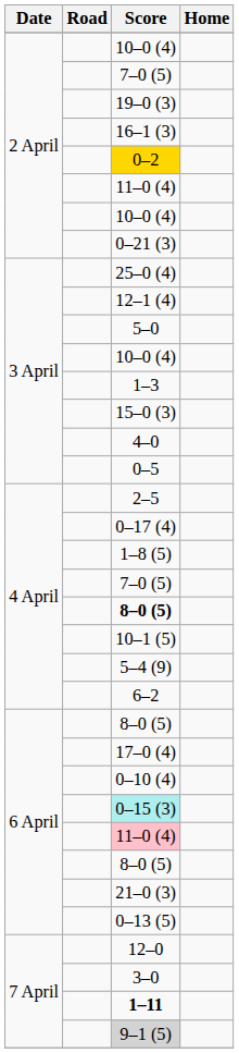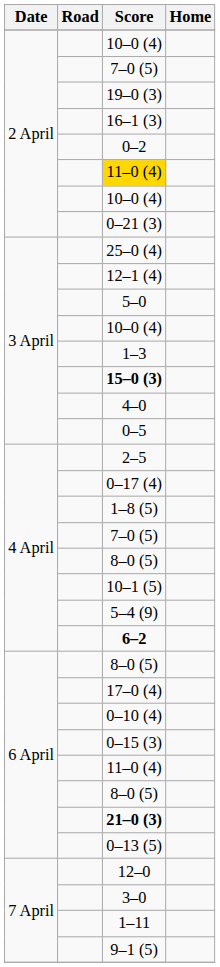 <table class="wikitable">
 <tr>
 <th>Date</th>
 <th>Road</th>
 <th>Score</th>
 <th>Home</th>
 </tr>
 <tr>
 </tr>
 <tr>
 <td rowspan=8>2 April</td>
 <td align=right><strong></strong></td>
 <td align=center>10–0 (4)</td>
 <td></td>
 </tr>
 <tr>
 <td align=right><strong></strong></td>
 <td align=center>7–0 (5)</td>
 <td></td>
 </tr>
 <tr>
 <td align=right><strong></strong></td>
 <td align=center>19–0 (3)</td>
 <td></td>
 </tr>
 <tr>
 <td align=right><strong></strong></td>
 <td align=center>16–1 (3)</td>
 <td></td>
 </tr>
 <tr>
 <td align=right></td>
-<td align=center style="background: gold;">0–2</td>
+<td align=center>0–2</td>
 <td><strong></strong></td>
 </tr>
 <tr>
 <td align=right><strong></strong></td>
-<td align=center>11–0 (4)</td>
+<td align=center style="background: gold;">11–0 (4)</td>
 <td></td>
 </tr>
 <tr>
 <td align=right><strong></strong></td>
 <td align=center>10–0 (4)</td>
 <td></td>
 </tr>
 <tr>
 <td align=right></td>
 <td align=center>0–21 (3)</td>
 <td><strong></strong></td>
 </tr>
 <tr>
 <td rowspan=8>3 April</td>
 <td align=right><strong></strong></td>
 <td align=center>25–0 (4)</td>
 <td></td>
 </tr>
 <tr>
 <td align=right><strong></strong></td>
 <td align=center>12–1 (4)</td>
 <td></td>
 </tr>
 <tr>
 <td align=right><strong></strong></td>
 <td align=center>5–0</td>
 <td></td>
 </tr>
 <tr>
 <td align=right><strong></strong></td>
 <td align=center>10–0 (4)</td>
 <td></td>
 </tr>
 <tr>
 <td align=right></td>
 <td align=center>1–3</td>
 <td><strong></strong></td>
 </tr>
 <tr>
 <td align=right><strong></strong></td>
-<td align=center>15–0 (3)</td>
+<td align=center><strong>15–0 (3)</strong></td>
 <td></td>
 </tr>
 <tr>
 <td align=right><strong></strong></td>
 <td align=center>4–0</td>
 <td></td>
 </tr>
 <tr>
 <td align=right></td>
 <td align=center>0–5</td>
 <td><strong></strong></td>
 </tr>
 <tr>
 <td rowspan=8>4 April</td>
 <td align=right></td>
 <td align=center>2–5</td>
 <td><strong></strong></td>
 </tr>
 <tr>
 <td align=right></td>
 <td align=center>0–17 (4)</td>
 <td><strong></strong></td>
 </tr>
 <tr>
 <td align=right></td>
 <td align=center>1–8 (5)</td>
 <td><strong></strong></td>
 </tr>
 <tr>
 <td align=right><strong></strong></td>
 <td align=center>7–0 (5)</td>
 <td></td>
 </tr>
 <tr>
 <td align=right><strong></strong></td>
-<td align=center><strong>8–0 (5)</strong></td>
+<td align=center>8–0 (5)</td>
 <td></td>
 </tr>
 <tr>
 <td align=right><strong></strong></td>
 <td align=center>10–1 (5)</td>
 <td></td>
 </tr>
 <tr>
 <td align=right><strong></strong></td>
 <td align=center>5–4 (9)</td>
 <td></td>
 </tr>
 <tr>
 <td align=right><strong></strong></td>
-<td align=center>6–2</td>
+<td align=center><strong>6–2</strong></td>
 <td></td>
 </tr>
 <tr>
 <td rowspan=8>6 April</td>
 <td align=right><strong></strong></td>
 <td align=center>8–0 (5)</td>
 <td></td>
 </tr>
 <tr>
 <td align=right><strong></strong></td>
 <td align=center>17–0 (4)</td>
 <td></td>
 </tr>
 <tr>
 <td align=right></td>
 <td align=center>0–10 (4)</td>
 <td><strong></strong></td>
 </tr>
 <tr>
 <td align=right></td>
-<td align=center style="background: paleturquoise;">0–15 (3)</td>
+<td align=center>0–15 (3)</td>
 <td><strong></strong></td>
 </tr>
 <tr>
 <td align=right><strong></strong></td>
-<td align=center style="background: pink;">11–0 (4)</td>
+<td align=center>11–0 (4)</td>
 <td></td>
 </tr>
 <tr>
 <td align=right><strong></strong></td>
 <td align=center>8–0 (5)</td>
 <td></td>
 </tr>
 <tr>
 <td align=right><strong></strong></td>
-<td align=center>21–0 (3)</td>
+<td align=center><strong>21–0 (3)</strong></td>
 <td></td>
 </tr>
 <tr>
 <td align=right></td>
 <td align=center>0–13 (5)</td>
 <td><strong></strong></td>
 </tr>
 <tr>
 <td rowspan=4>7 April</td>
 <td align=right><strong></strong></td>
 <td align=center>12–0</td>
 <td></td>
 </tr>
 <tr>
 <td align=right><strong></strong></td>
 <td align=center>3–0</td>
 <td></td>
 </tr>
 <tr>
 <td align=right></td>
-<td align=center><strong>1–11</strong></td>
+<td align=center>1–11</td>
 <td><strong></strong></td>
 </tr>
 <tr>
 <td align=right><strong></strong></td>
-<td align=center style="background: lightgrey;">9–1 (5)</td>
+<td align=center>9–1 (5)</td>
 <td></td>
 </tr>
 <tr>
 </tr>
 </table>
